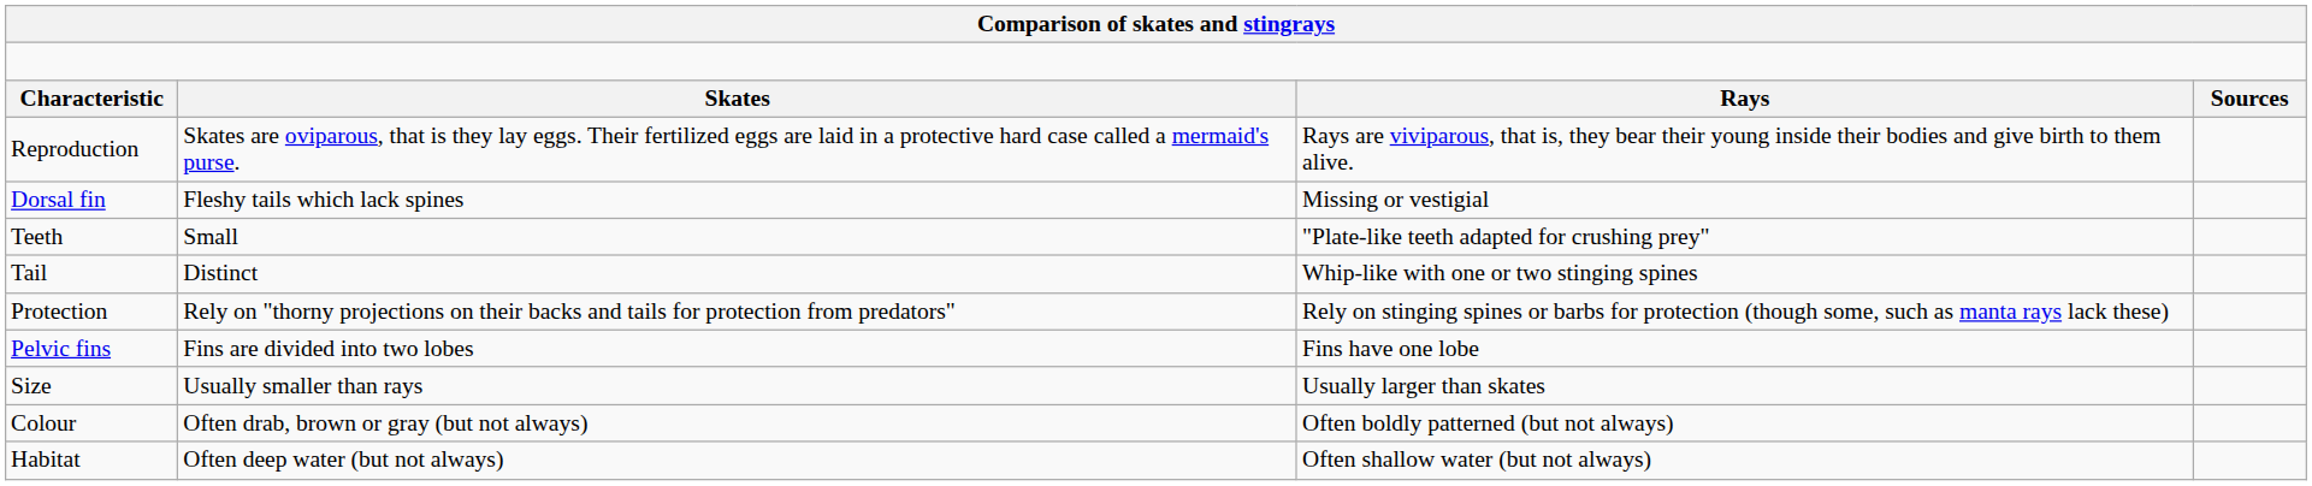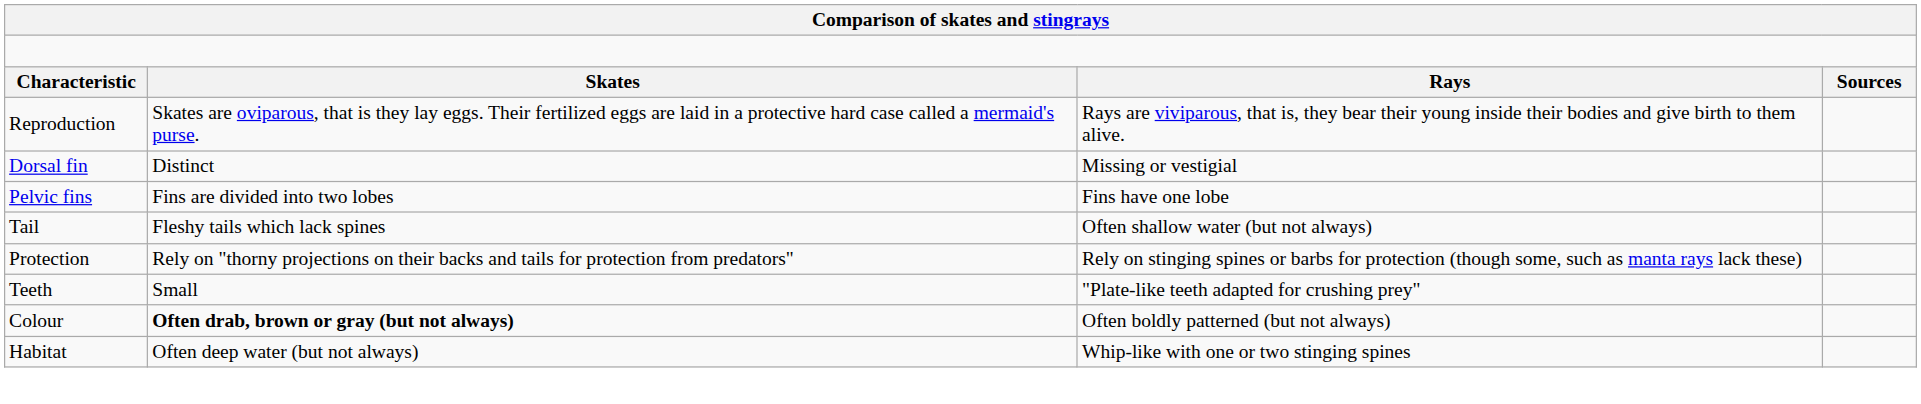 <table class="wikitable collapsible expanded">
 <tr>
 <th style="width:360px;" colspan="4">Comparison of skates and <a href='#'>stingrays</a></th>
 </tr>
 <tr>
 <td style="width:360px;" colspan="4"><br>  </td>
 </tr>
 <tr>
 <th style="width:110px;">Characteristic</th>
 <th>Skates</th>
 <th>Rays</th>
 <th style="width:70px;">Sources</th>
 </tr>
 <tr>
 <td>Reproduction</td>
 <td>Skates are <a href='#'>oviparous</a>, that is they lay eggs. Their fertilized eggs are laid in a protective hard case called a <a href='#'>mermaid's purse</a>.</td>
 <td valign=top>Rays are <a href='#'>viviparous</a>, that is, they bear their young inside their bodies and give birth to them alive.</td>
 <td align=center></td>
 </tr>
 <tr>
 <td><a href='#'>Dorsal fin</a></td>
+<td>Distinct</td>
+<td>Missing or vestigial</td>
+<td align=center></td>
+</tr>
+<tr>
+<td><a href='#'>Pelvic fins</a></td>
+<td>Fins are divided into two lobes</td>
+<td>Fins have one lobe</td>
+<td align=center></td>
+</tr>
+<tr>
+<td>Tail</td>
 <td>Fleshy tails which lack spines</td>
-<td>Missing or vestigial</td>
+<td>Often shallow water (but not always)</td>
+<td align=center></td>
+</tr>
+<tr>
+<td>Protection</td>
+<td>Rely on "thorny projections on their backs and tails for protection from predators"</td>
+<td>Rely on stinging spines or barbs for protection (though some, such as <a href='#'>manta rays</a> lack these)</td>
 <td align=center></td>
 </tr>
 <tr>
 <td>Teeth</td>
 <td>Small</td>
 <td>"Plate-like teeth adapted for crushing prey"</td>
 <td align=center></td>
 </tr>
 <tr>
-<td>Tail</td>
-<td>Distinct</td>
-<td>Whip-like with one or two stinging spines</td>
-<td align=center></td>
-</tr>
-<tr>
-<td>Protection</td>
-<td>Rely on "thorny projections on their backs and tails for protection from predators"</td>
-<td>Rely on stinging spines or barbs for protection (though some, such as <a href='#'>manta rays</a> lack these)</td>
-<td align=center></td>
-</tr>
-<tr>
-<td><a href='#'>Pelvic fins</a></td>
-<td>Fins are divided into two lobes</td>
-<td>Fins have one lobe</td>
-<td align=center></td>
-</tr>
-<tr>
-<td>Size</td>
-<td>Usually smaller than rays</td>
-<td>Usually larger than skates</td>
-<td align=center></td>
-</tr>
-<tr>
 <td>Colour</td>
-<td>Often drab, brown or gray (but not always)</td>
+<td><strong>Often drab, brown or gray (but not always)</strong></td>
 <td>Often boldly patterned (but not always)</td>
 <td align=center></td>
 </tr>
 <tr>
 <td>Habitat</td>
 <td>Often deep water (but not always)</td>
-<td>Often shallow water (but not always)</td>
+<td>Whip-like with one or two stinging spines</td>
 <td align=center></td>
 </tr>
 </table>
